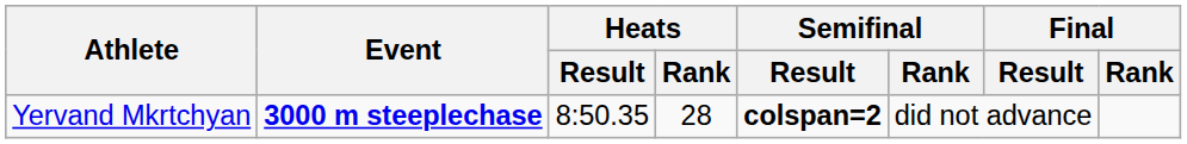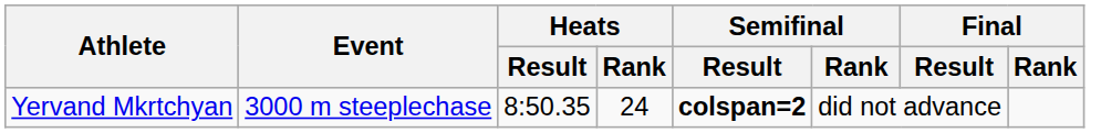 <table class="wikitable" border="1" style="font-size:90%">
 <tr>
 <th rowspan="2">Athlete</th>
 <th rowspan="2">Event</th>
 <th colspan="2">Heats</th>
 <th colspan="2">Semifinal</th>
 <th colspan="2">Final</th>
 </tr>
 <tr>
 <th>Result</th>
 <th>Rank</th>
 <th>Result</th>
 <th>Rank</th>
 <th>Result</th>
 <th>Rank</th>
 </tr>
 <tr>
 <td><a href='#'>Yervand Mkrtchyan</a></td>
-<td><strong><a href='#'>3000 m steeplechase</a></strong></td>
+<td><a href='#'>3000 m steeplechase</a></td>
 <td align=center>8:50.35 </td>
-<td align=center>28</td>
+<td align=center>24</td>
 <td><strong>colspan=2</strong></td>
 <td align=center colspan=2>did not advance</td>
 </tr>
 </table>
